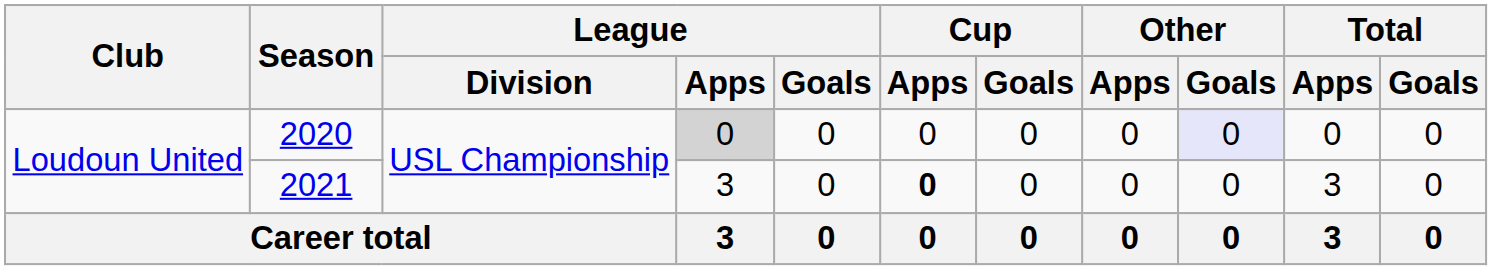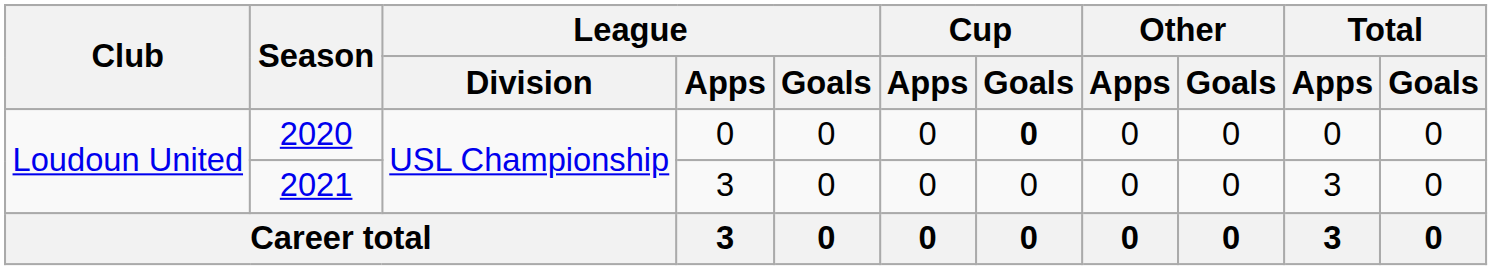 <table class="wikitable" style="text-align: center">
 <tr>
 <th rowspan="2">Club</th>
 <th rowspan="2">Season</th>
 <th colspan="3">League</th>
 <th colspan="2">Cup</th>
 <th colspan="2">Other</th>
 <th colspan="2">Total</th>
 </tr>
 <tr>
 <th>Division</th>
 <th>Apps</th>
 <th>Goals</th>
 <th>Apps</th>
 <th>Goals</th>
 <th>Apps</th>
 <th>Goals</th>
 <th>Apps</th>
 <th>Goals</th>
 </tr>
 <tr>
 <td rowspan="2"><a href='#'>Loudoun United</a></td>
 <td><a href='#'>2020</a></td>
 <td rowspan="2"><a href='#'>USL Championship</a></td>
-<td style="background: lightgrey;">0</td>
 <td>0</td>
 <td>0</td>
 <td>0</td>
+<td><strong>0</strong></td>
 <td>0</td>
-<td style="background: lavender;">0</td>
+<td>0</td>
 <td>0</td>
 <td>0</td>
 </tr>
 <tr>
 <td><a href='#'>2021</a></td>
 <td>3</td>
 <td>0</td>
-<td><strong>0</strong></td>
+<td>0</td>
 <td>0</td>
 <td>0</td>
 <td>0</td>
 <td>3</td>
 <td>0</td>
 </tr>
 <tr>
 <th colspan="3"><strong>Career total</strong></th>
 <th>3</th>
 <th>0</th>
 <th>0</th>
 <th>0</th>
 <th>0</th>
 <th>0</th>
 <th>3</th>
 <th>0</th>
 </tr>
 </table>
